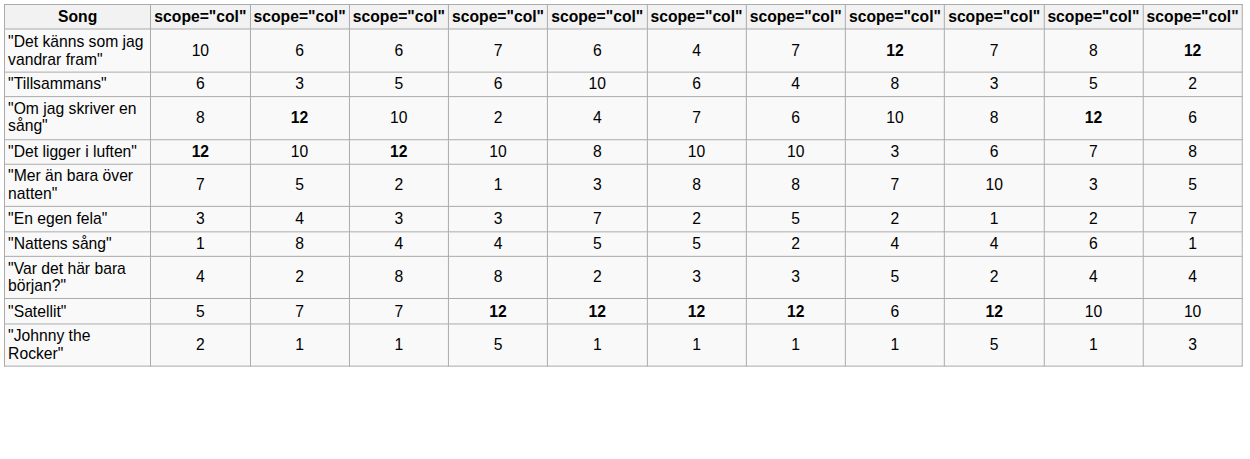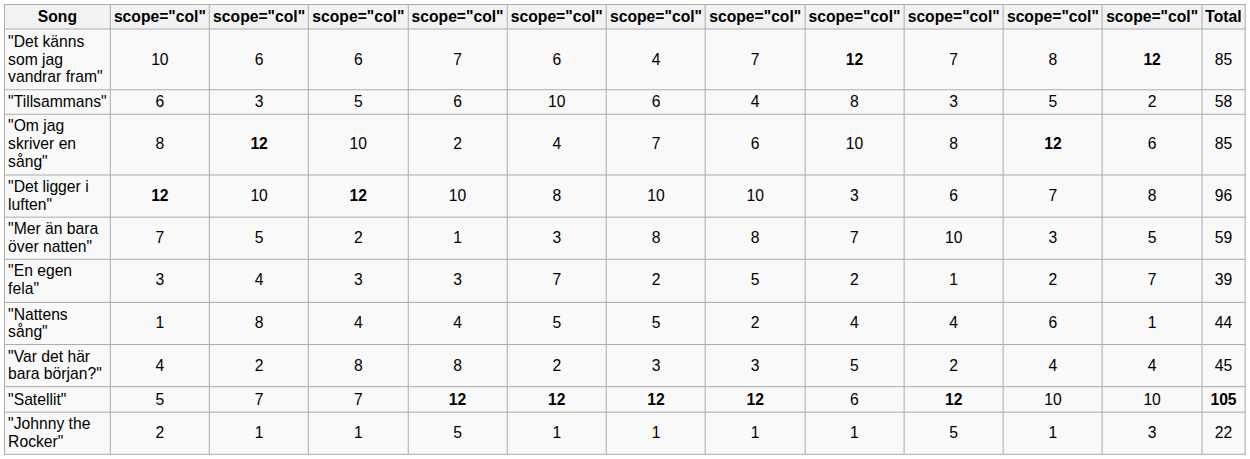 <table class="wikitable plainrowheaders" style="margin: 1em auto 1em auto; text-align:center;">
 <tr>
 <th scope="col">Song</th>
 <th>scope="col" </th>
 <th>scope="col" </th>
 <th>scope="col" </th>
 <th>scope="col" </th>
 <th>scope="col" </th>
 <th>scope="col" </th>
 <th>scope="col" </th>
 <th>scope="col" </th>
 <th>scope="col" </th>
 <th>scope="col" </th>
 <th>scope="col" </th>
+<th scope="col">Total</th>
 </tr>
 <tr>
 <td align="left">"Det känns som jag vandrar fram"</td>
 <td>10</td>
 <td>6</td>
 <td>6</td>
 <td>7</td>
 <td>6</td>
 <td>4</td>
 <td>7</td>
 <td><strong>12</strong></td>
 <td>7</td>
 <td>8</td>
 <td><strong>12</strong></td>
+<td>85</td>
 </tr>
 <tr>
 <td align="left">"Tillsammans"</td>
 <td>6</td>
 <td>3</td>
 <td>5</td>
 <td>6</td>
 <td>10</td>
 <td>6</td>
 <td>4</td>
 <td>8</td>
 <td>3</td>
 <td>5</td>
 <td>2</td>
+<td>58</td>
 </tr>
 <tr>
 <td align="left">"Om jag skriver en sång"</td>
 <td>8</td>
 <td><strong>12</strong></td>
 <td>10</td>
 <td>2</td>
 <td>4</td>
 <td>7</td>
 <td>6</td>
 <td>10</td>
 <td>8</td>
 <td><strong>12</strong></td>
 <td>6</td>
+<td>85</td>
 </tr>
 <tr>
 <td align="left">"Det ligger i luften"</td>
 <td><strong>12</strong></td>
 <td>10</td>
 <td><strong>12</strong></td>
 <td>10</td>
 <td>8</td>
 <td>10</td>
 <td>10</td>
 <td>3</td>
 <td>6</td>
 <td>7</td>
 <td>8</td>
+<td>96</td>
 </tr>
 <tr>
 <td align="left">"Mer än bara över natten"</td>
 <td>7</td>
 <td>5</td>
 <td>2</td>
 <td>1</td>
 <td>3</td>
 <td>8</td>
 <td>8</td>
 <td>7</td>
 <td>10</td>
 <td>3</td>
 <td>5</td>
+<td>59</td>
 </tr>
 <tr>
 <td align="left">"En egen fela"</td>
 <td>3</td>
 <td>4</td>
 <td>3</td>
 <td>3</td>
 <td>7</td>
 <td>2</td>
 <td>5</td>
 <td>2</td>
 <td>1</td>
 <td>2</td>
 <td>7</td>
+<td>39</td>
 </tr>
 <tr>
 <td align="left">"Nattens sång"</td>
 <td>1</td>
 <td>8</td>
 <td>4</td>
 <td>4</td>
 <td>5</td>
 <td>5</td>
 <td>2</td>
 <td>4</td>
 <td>4</td>
 <td>6</td>
 <td>1</td>
+<td>44</td>
 </tr>
 <tr>
 <td align="left">"Var det här bara början?"</td>
 <td>4</td>
 <td>2</td>
 <td>8</td>
 <td>8</td>
 <td>2</td>
 <td>3</td>
 <td>3</td>
 <td>5</td>
 <td>2</td>
 <td>4</td>
 <td>4</td>
+<td>45</td>
 </tr>
 <tr>
 <td align="left">"Satellit"</td>
 <td>5</td>
 <td>7</td>
 <td>7</td>
 <td><strong>12</strong></td>
 <td><strong>12</strong></td>
 <td><strong>12</strong></td>
 <td><strong>12</strong></td>
 <td>6</td>
 <td><strong>12</strong></td>
 <td>10</td>
 <td>10</td>
+<td><strong>105</strong></td>
 </tr>
 <tr>
 <td align="left">"Johnny the Rocker"</td>
 <td>2</td>
 <td>1</td>
 <td>1</td>
 <td>5</td>
 <td>1</td>
 <td>1</td>
 <td>1</td>
 <td>1</td>
 <td>5</td>
 <td>1</td>
 <td>3</td>
+<td>22</td>
 </tr>
 </table>
